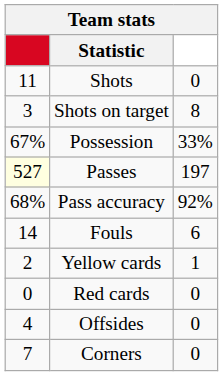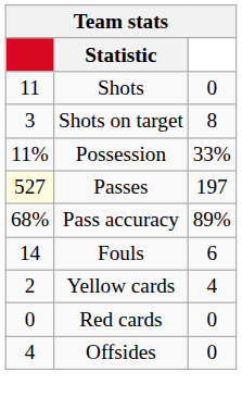 <table class="wikitable" style="margin-left: auto; margin-right: auto; border: none; text-align:center;">
 <tr>
 <th colspan=3>Team stats</th>
 </tr>
 <tr>
 <th style="background: #D80621; color: #000000;"> <a href='#'></a></th>
 <th>Statistic</th>
 <th style="background: #FFFFFF; color: #000000;"> <a href='#'></a></th>
 </tr>
 <tr>
 <td>11</td>
 <td>Shots</td>
 <td>0</td>
 </tr>
 <tr>
 <td>3</td>
 <td>Shots on target</td>
 <td>8</td>
 </tr>
 <tr>
-<td>67%</td>
+<td>11%</td>
 <td>Possession</td>
 <td>33%</td>
 </tr>
 <tr>
 <td style="background: lightyellow;">527</td>
 <td>Passes</td>
 <td>197</td>
 </tr>
 <tr>
 <td>68%</td>
 <td>Pass accuracy</td>
-<td>92%</td>
+<td>89%</td>
 </tr>
 <tr>
 <td>14</td>
 <td>Fouls</td>
 <td>6</td>
 </tr>
 <tr>
 <td>2</td>
 <td>Yellow cards</td>
-<td>1</td>
+<td>4</td>
 </tr>
 <tr>
 <td>0</td>
 <td>Red cards</td>
 <td>0</td>
 </tr>
 <tr>
 <td>4</td>
 <td>Offsides</td>
 <td>0</td>
 </tr>
-<tr>
-<td>7</td>
-<td>Corners</td>
-<td>0</td>
-</tr>
 </table>
